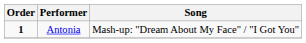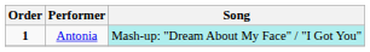 <table class="wikitable" style="text-align:center">
 <tr>
 <th>Order</th>
 <th>Performer</th>
 <th>Song</th>
 </tr>
 <tr>
 <td><strong>1</strong></td>
 <td><a href='#'>Antonia</a></td>
-<td>Mash-up: "Dream About My Face" / "I Got You"</td>
+<td style="background: paleturquoise;">Mash-up: "Dream About My Face" / "I Got You"</td>
 </tr>
 <tr>
 </tr>
 </table>
